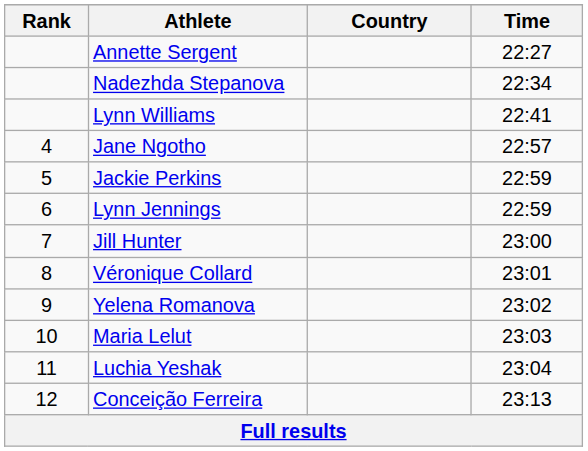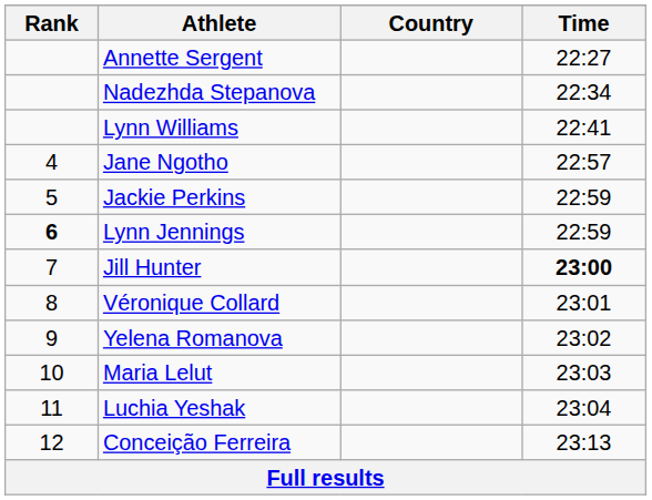 <table class="wikitable sortable" style=" text-align:center; font-size:95%;" width="50%">
 <tr>
 </tr>
 <tr>
 <th width=5%>Rank</th>
 <th width=20%>Athlete</th>
 <th width=15%>Country</th>
 <th width=10%>Time</th>
 </tr>
 <tr>
 <td align=center></td>
 <td align=left><a href='#'>Annette Sergent</a></td>
 <td align=left></td>
 <td>22:27</td>
 </tr>
 <tr>
 <td align=center></td>
 <td align=left><a href='#'>Nadezhda Stepanova</a></td>
 <td align=left></td>
 <td>22:34</td>
 </tr>
 <tr>
 <td align=center></td>
 <td align=left><a href='#'>Lynn Williams</a></td>
 <td align=left></td>
 <td>22:41</td>
 </tr>
 <tr>
 <td align=center>4</td>
 <td align=left><a href='#'>Jane Ngotho</a></td>
 <td align=left></td>
 <td>22:57</td>
 </tr>
 <tr>
 <td align=center>5</td>
 <td align=left><a href='#'>Jackie Perkins</a></td>
 <td align=left></td>
 <td>22:59</td>
 </tr>
 <tr>
-<td align=center>6</td>
+<td align=center><strong>6</strong></td>
 <td align=left><a href='#'>Lynn Jennings</a></td>
 <td align=left></td>
 <td>22:59</td>
 </tr>
 <tr>
 <td align=center>7</td>
 <td align=left><a href='#'>Jill Hunter</a></td>
 <td align=left></td>
-<td>23:00</td>
+<td><strong>23:00</strong></td>
 </tr>
 <tr>
 <td align=center>8</td>
 <td align=left><a href='#'>Véronique Collard</a></td>
 <td align=left></td>
 <td>23:01</td>
 </tr>
 <tr>
 <td align=center>9</td>
 <td align=left><a href='#'>Yelena Romanova</a></td>
 <td align=left></td>
 <td>23:02</td>
 </tr>
 <tr>
 <td align=center>10</td>
 <td align=left><a href='#'>Maria Lelut</a></td>
 <td align=left></td>
 <td>23:03</td>
 </tr>
 <tr>
 <td align=center>11</td>
 <td align=left><a href='#'>Luchia Yeshak</a></td>
 <td align=left></td>
 <td>23:04</td>
 </tr>
 <tr>
 <td align=center>12</td>
 <td align=left><a href='#'>Conceição Ferreira</a></td>
 <td align=left></td>
 <td>23:13</td>
 </tr>
 <tr class="sortbottom">
 <th colspan=4 align=center><a href='#'>Full results</a></th>
 </tr>
 </table>
